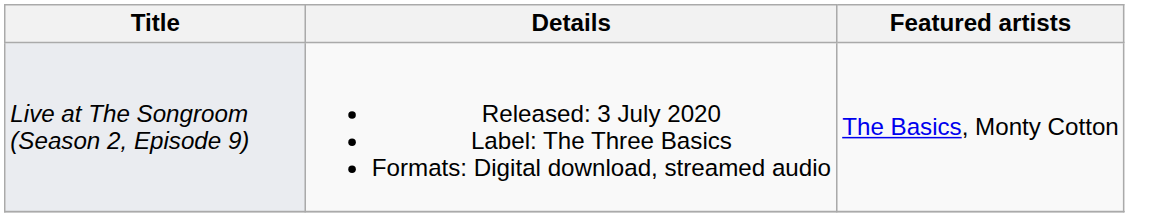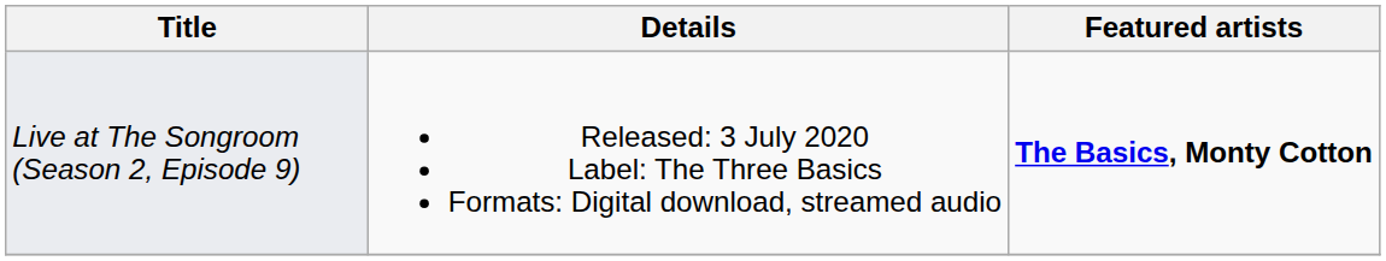 <table class="wikitable plainrowheaders" style="text-align:center;">
 <tr>
 <th scope="col">Title</th>
 <th scope="col">Details</th>
 <th scope="col">Featured artists</th>
 </tr>
 <tr>
 <td style="text-align:left;width:12em;background:#EAECF0"><em>Live at The Songroom<br>(Season 2, Episode 9)</em></td>
 <td><br><ul><li>Released: 3 July 2020</li><li>Label: The Three Basics</li><li>Formats: Digital download, streamed audio</li></ul></td>
-<td style="text-align:left"><a href='#'>The Basics</a>, Monty Cotton</td>
+<td style="text-align:left"><strong><a href='#'>The Basics</a>, Monty Cotton</strong></td>
 </tr>
 <tr>
 </tr>
 </table>
